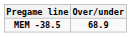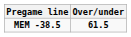 <table class="wikitable">
 <tr align="center">
 <th>Pregame line</th>
 <th>Over/under</th>
 </tr>
 <tr align="center">
 <td><strong>MEM -38.5</strong></td>
-<td><strong>68.9</strong></td>
+<td><strong>61.5</strong></td>
 </tr>
 </table>
